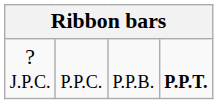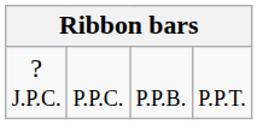 <table class="wikitable">
 <tr>
 <th colspan=4>Ribbon bars</th>
 </tr>
 <tr>
 <td align=center>? <br><small>J.P.C.</small></td>
 <td align=center><br><small>P.P.C.</small></td>
 <td align=center><br><small>P.P.B.</small></td>
-<td align=center><strong><br><small>P.P.T.</small></strong></td>
+<td align=center><br><small>P.P.T.</small></td>
 </tr>
 </table>
